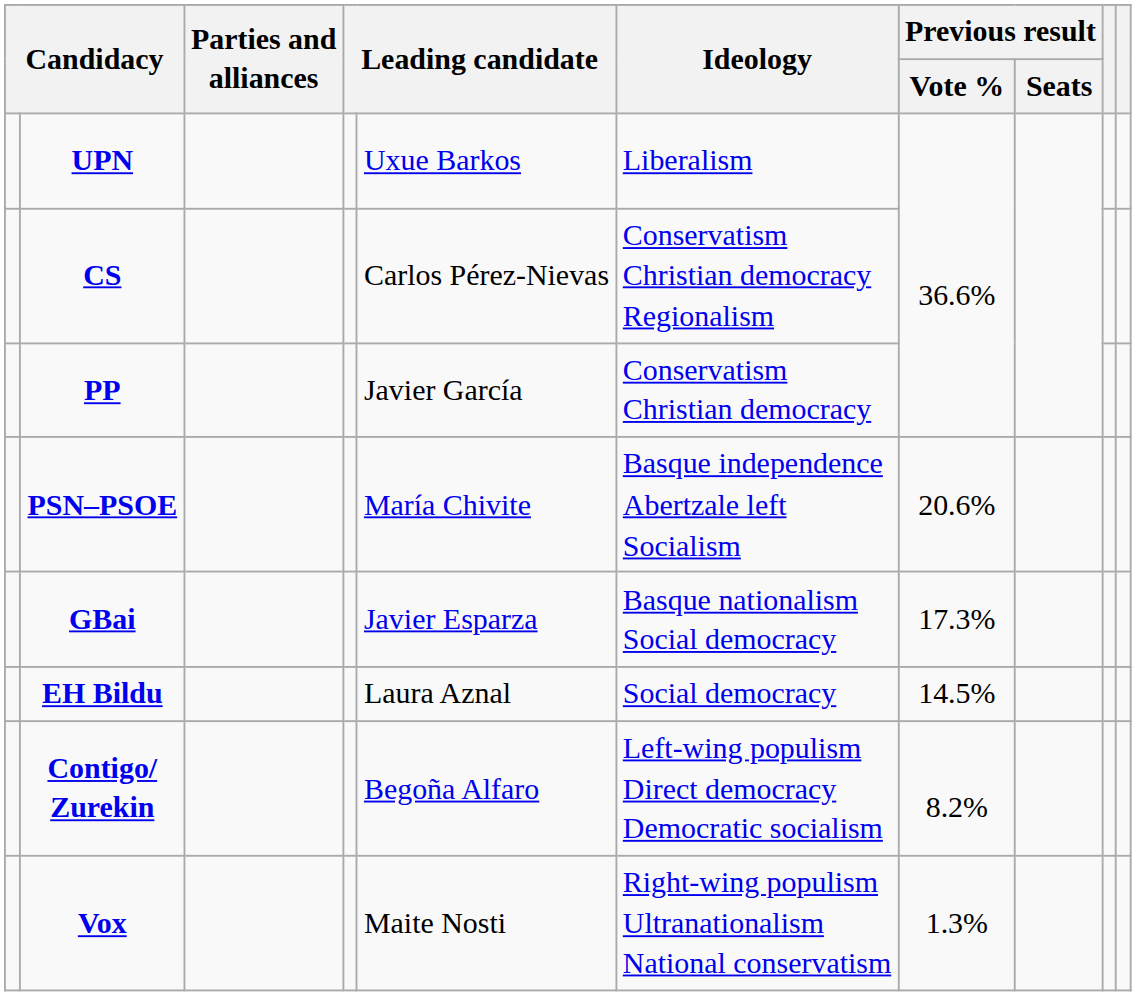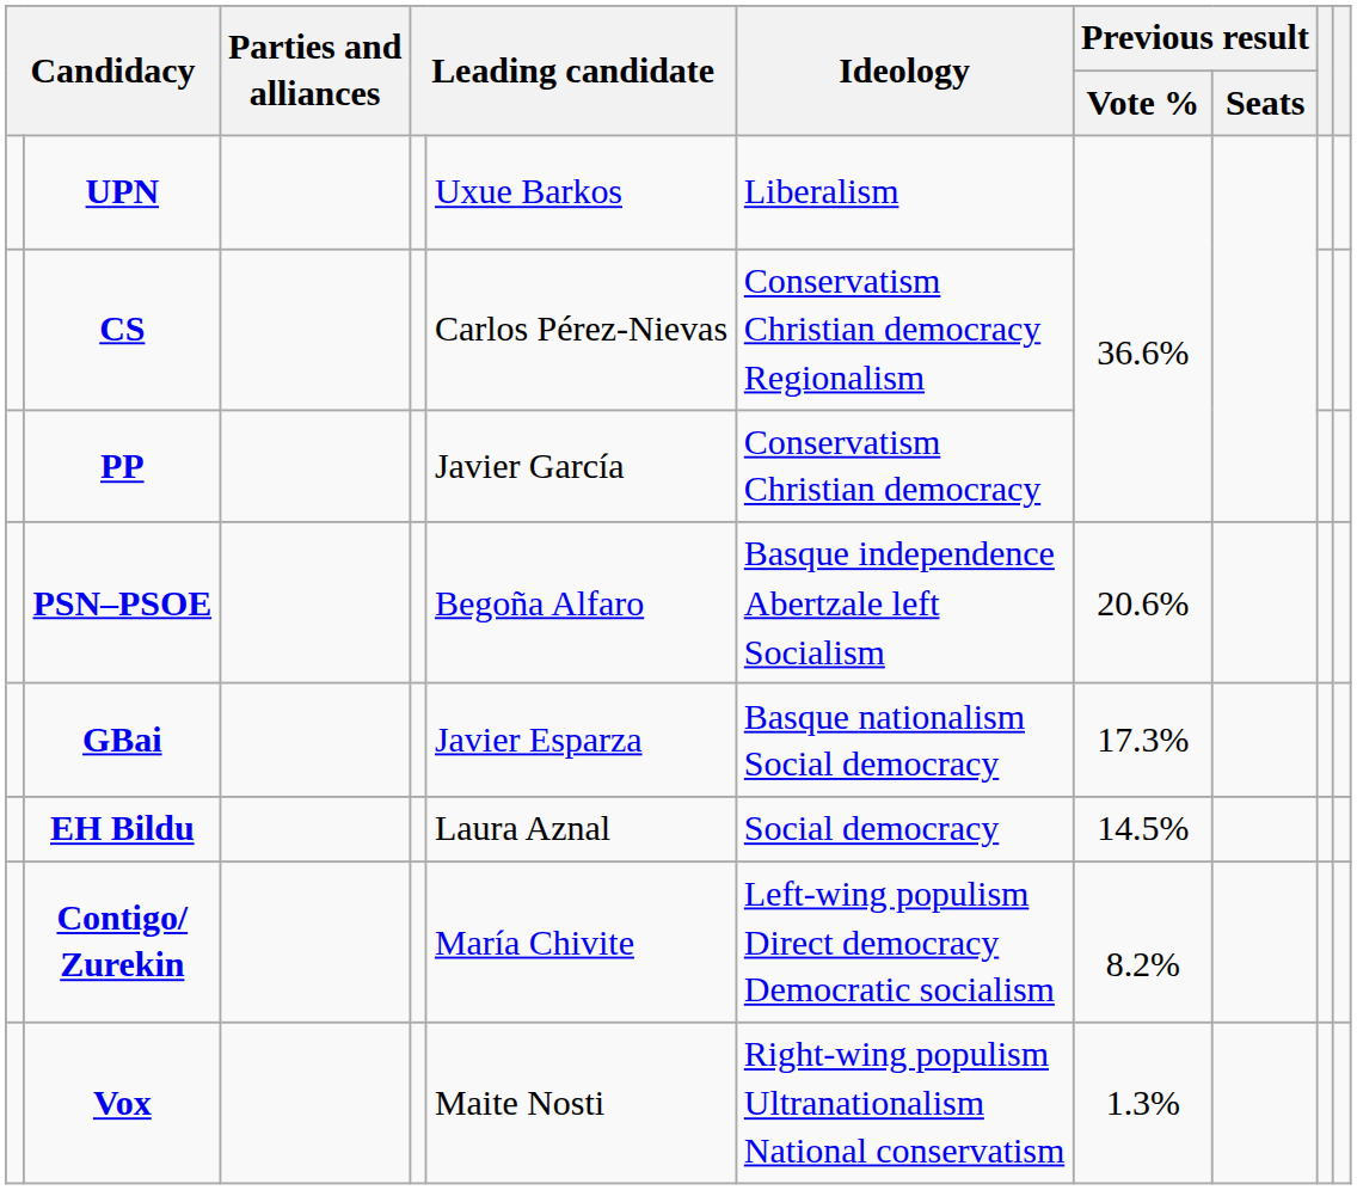 <table class="wikitable" style="line-height:1.35em; text-align:left;">
 <tr>
 <th colspan="2" rowspan="2">Candidacy</th>
 <th rowspan="2">Parties and<br>alliances</th>
 <th colspan="2" rowspan="2">Leading candidate</th>
 <th rowspan="2">Ideology</th>
 <th colspan="2">Previous result</th>
 <th rowspan="2"></th>
 <th rowspan="2"></th>
 </tr>
 <tr>
 <th>Vote %</th>
 <th>Seats</th>
 </tr>
 <tr>
 <td width="1" style="color:inherit;background:"></td>
 <td align="center"><strong><a href='#'>UPN</a></strong></td>
 <td></td>
 <td></td>
 <td><a href='#'>Uxue Barkos</a></td>
 <td><a href='#'>Liberalism</a></td>
 <td rowspan="3" align="center"><br>36.6%<br></td>
 <td rowspan="3"></td>
 <td></td>
 <td><br><br></td>
 </tr>
 <tr>
 <td style="color:inherit;background:"></td>
 <td align="center"><strong><a href='#'>CS</a></strong></td>
 <td></td>
 <td></td>
 <td>Carlos Pérez-Nievas</td>
 <td><a href='#'>Conservatism</a><br><a href='#'>Christian democracy</a><br><a href='#'>Regionalism</a></td>
 <td></td>
 <td></td>
 </tr>
 <tr>
 <td style="color:inherit;background:"></td>
 <td align="center"><strong><a href='#'>PP</a></strong></td>
 <td></td>
 <td></td>
 <td>Javier García</td>
 <td><a href='#'>Conservatism</a><br><a href='#'>Christian democracy</a></td>
 <td></td>
 <td><br><br></td>
 </tr>
 <tr>
 <td style="color:inherit;background:"></td>
 <td align="center"><strong><a href='#'>PSN–PSOE</a></strong></td>
 <td></td>
 <td></td>
-<td><a href='#'>María Chivite</a></td>
+<td><a href='#'>Begoña Alfaro</a></td>
 <td><a href='#'>Basque independence</a><br><a href='#'>Abertzale left</a><br><a href='#'>Socialism</a></td>
 <td align="center">20.6%</td>
 <td></td>
 <td></td>
 <td><br></td>
 </tr>
 <tr>
 <td style="color:inherit;background:"></td>
 <td align="center"><strong><a href='#'>GBai</a></strong></td>
 <td></td>
 <td></td>
 <td><a href='#'>Javier Esparza</a></td>
 <td><a href='#'>Basque nationalism</a><br><a href='#'>Social democracy</a></td>
 <td align="center">17.3%</td>
 <td></td>
 <td></td>
 <td></td>
 </tr>
 <tr>
 <td style="color:inherit;background:"></td>
 <td align="center"><strong><a href='#'>EH Bildu</a></strong></td>
 <td></td>
 <td></td>
 <td>Laura Aznal</td>
 <td><a href='#'>Social democracy</a></td>
 <td align="center">14.5%</td>
 <td></td>
 <td></td>
 <td><br></td>
 </tr>
 <tr>
 <td style="color:inherit;background:"></td>
 <td align="center"><strong><a href='#'>Contigo/<br>Zurekin</a></strong></td>
 <td></td>
 <td></td>
-<td><a href='#'>Begoña Alfaro</a></td>
+<td><a href='#'>María Chivite</a></td>
 <td><a href='#'>Left-wing populism</a><br><a href='#'>Direct democracy</a><br><a href='#'>Democratic socialism</a></td>
 <td align="center"><br>8.2%<br></td>
 <td></td>
 <td></td>
 <td><br><br></td>
 </tr>
 <tr>
 <td style="color:inherit;background:"></td>
 <td align="center"><strong><a href='#'>Vox</a></strong></td>
 <td></td>
 <td></td>
 <td>Maite Nosti</td>
 <td><a href='#'>Right-wing populism</a><br><a href='#'>Ultranationalism</a><br><a href='#'>National conservatism</a></td>
 <td align="center">1.3%</td>
 <td></td>
 <td></td>
 <td></td>
 </tr>
 </table>
